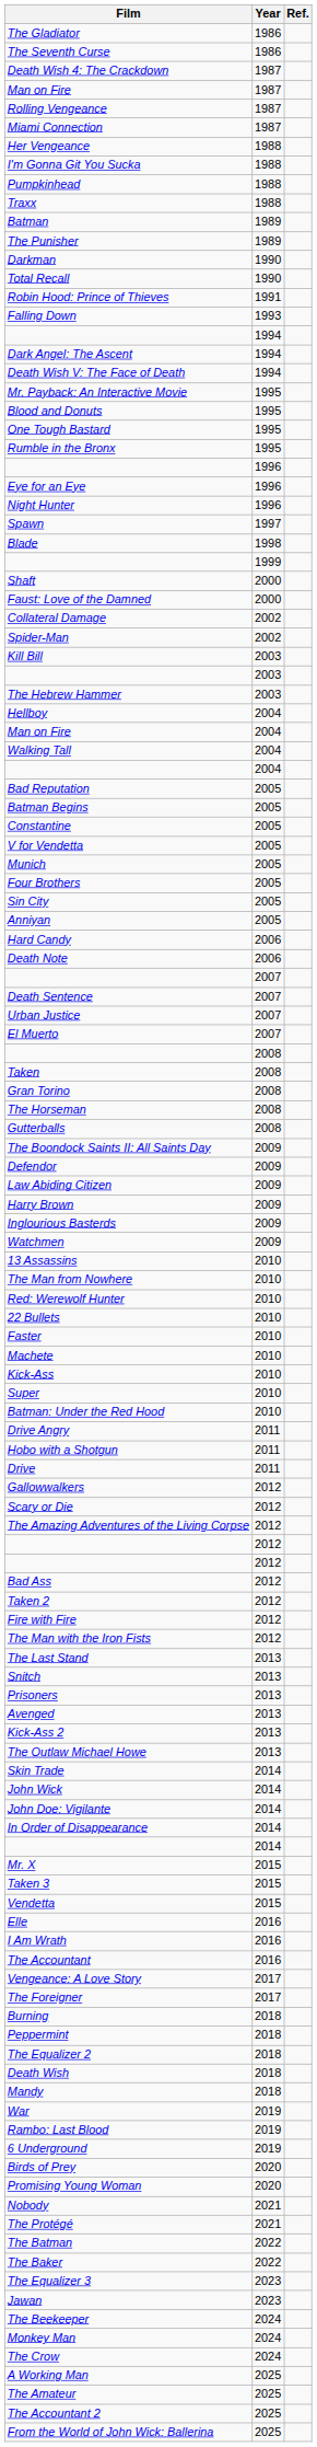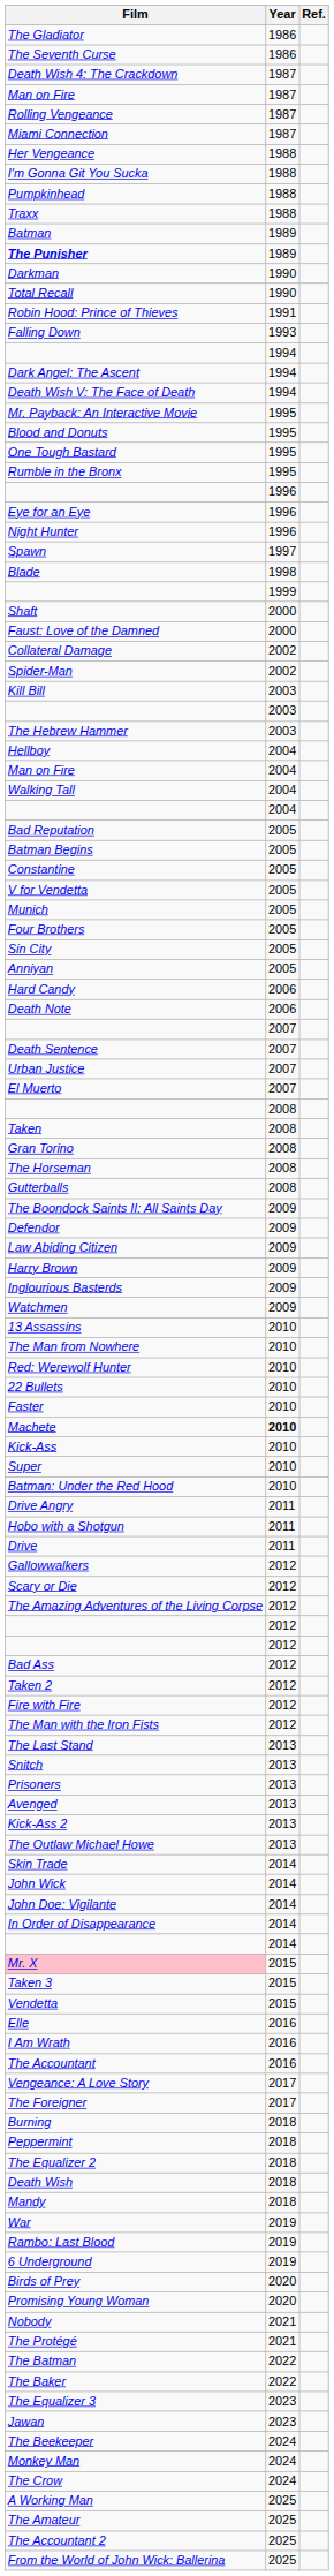 <table class="wikitable sortable" border="1" >
 <tr>
 <th scope="col">Film</th>
 <th scope="col">Year</th>
 <th scope="col" class="unsortable" style=white-space:nowrap>Ref.</th>
 </tr>
 <tr>
 <td><em><a href='#'>The Gladiator</a></em></td>
 <td>1986</td>
 <td></td>
 </tr>
 <tr>
 <td><em><a href='#'>The Seventh Curse</a></em></td>
 <td>1986</td>
 <td></td>
 </tr>
 <tr>
 <td><em><a href='#'>Death Wish 4: The Crackdown</a></em></td>
 <td>1987</td>
 <td></td>
 </tr>
 <tr>
 <td><em><a href='#'>Man on Fire</a></em></td>
 <td>1987</td>
 <td></td>
 </tr>
 <tr>
 <td><em><a href='#'>Rolling Vengeance</a></em></td>
 <td>1987</td>
 <td></td>
 </tr>
 <tr>
 <td><em><a href='#'>Miami Connection</a></em></td>
 <td>1987</td>
 <td></td>
 </tr>
 <tr>
 <td><em><a href='#'>Her Vengeance</a></em></td>
 <td>1988</td>
 <td></td>
 </tr>
 <tr>
 <td><em><a href='#'>I'm Gonna Git You Sucka</a></em></td>
 <td>1988</td>
 <td></td>
 </tr>
 <tr>
 <td><em><a href='#'>Pumpkinhead</a></em></td>
 <td>1988</td>
 <td></td>
 </tr>
 <tr>
 <td><em><a href='#'>Traxx</a></em></td>
 <td>1988</td>
 <td></td>
 </tr>
 <tr>
 <td><em><a href='#'>Batman</a></em></td>
 <td>1989</td>
 <td></td>
 </tr>
 <tr>
-<td><em><a href='#'>The Punisher</a></em></td>
+<td><strong><em><a href='#'>The Punisher</a></em></strong></td>
 <td>1989</td>
 <td></td>
 </tr>
 <tr>
 <td><em><a href='#'>Darkman</a></em></td>
 <td>1990</td>
 <td></td>
 </tr>
 <tr>
 <td><em><a href='#'>Total Recall</a></em></td>
 <td>1990</td>
 <td></td>
 </tr>
 <tr>
 <td><em><a href='#'>Robin Hood: Prince of Thieves</a></em></td>
 <td>1991</td>
 <td></td>
 </tr>
 <tr>
 <td><em><a href='#'>Falling Down</a></em></td>
 <td>1993</td>
 <td></td>
 </tr>
 <tr>
 <td><em></em></td>
 <td>1994</td>
 <td></td>
 </tr>
 <tr>
 <td><em><a href='#'>Dark Angel: The Ascent</a></em></td>
 <td>1994</td>
 <td></td>
 </tr>
 <tr>
 <td><em><a href='#'>Death Wish V: The Face of Death</a></em></td>
 <td>1994</td>
 <td></td>
 </tr>
 <tr>
 <td><em><a href='#'>Mr. Payback: An Interactive Movie</a></em></td>
 <td>1995</td>
 <td></td>
 </tr>
 <tr>
 <td><em><a href='#'>Blood and Donuts</a></em></td>
 <td>1995</td>
 <td></td>
 </tr>
 <tr>
 <td><em><a href='#'>One Tough Bastard</a></em></td>
 <td>1995</td>
 <td></td>
 </tr>
 <tr>
 <td><em><a href='#'>Rumble in the Bronx</a></em></td>
 <td>1995</td>
 <td></td>
 </tr>
 <tr>
 <td><em></em></td>
 <td>1996</td>
 <td></td>
 </tr>
 <tr>
 <td><em><a href='#'>Eye for an Eye</a></em></td>
 <td>1996</td>
 <td></td>
 </tr>
 <tr>
 <td><em><a href='#'>Night Hunter</a></em></td>
 <td>1996</td>
 <td></td>
 </tr>
 <tr>
 <td><em><a href='#'>Spawn</a></em></td>
 <td>1997</td>
 <td></td>
 </tr>
 <tr>
 <td><em><a href='#'>Blade</a></em></td>
 <td>1998</td>
 <td></td>
 </tr>
 <tr>
 <td><em></em></td>
 <td>1999</td>
 <td></td>
 </tr>
 <tr>
 <td><em><a href='#'>Shaft</a></em></td>
 <td>2000</td>
 <td></td>
 </tr>
 <tr>
 <td><em><a href='#'>Faust: Love of the Damned</a></em></td>
 <td>2000</td>
 <td></td>
 </tr>
 <tr>
 <td><em><a href='#'>Collateral Damage</a></em></td>
 <td>2002</td>
 <td></td>
 </tr>
 <tr>
 <td><em><a href='#'>Spider-Man</a></em></td>
 <td>2002</td>
 <td></td>
 </tr>
 <tr>
 <td><em><a href='#'>Kill Bill</a></em></td>
 <td>2003</td>
 <td></td>
 </tr>
 <tr>
 <td><em></em></td>
 <td>2003</td>
 <td></td>
 </tr>
 <tr>
 <td><em><a href='#'>The Hebrew Hammer</a></em></td>
 <td>2003</td>
 <td></td>
 </tr>
 <tr>
 <td><em><a href='#'>Hellboy</a></em></td>
 <td>2004</td>
 <td></td>
 </tr>
 <tr>
 <td><em><a href='#'>Man on Fire</a></em></td>
 <td>2004</td>
 <td></td>
 </tr>
 <tr>
 <td><em><a href='#'>Walking Tall</a></em></td>
 <td>2004</td>
 <td></td>
 </tr>
 <tr>
 <td><em></em></td>
 <td>2004</td>
 <td></td>
 </tr>
 <tr>
 <td><em><a href='#'>Bad Reputation</a></em></td>
 <td>2005</td>
 <td></td>
 </tr>
 <tr>
 <td><em><a href='#'>Batman Begins</a></em></td>
 <td>2005</td>
 <td></td>
 </tr>
 <tr>
 <td><em><a href='#'>Constantine</a></em></td>
 <td>2005</td>
 <td></td>
 </tr>
 <tr>
 <td><em><a href='#'>V for Vendetta</a></em></td>
 <td>2005</td>
 <td></td>
 </tr>
 <tr>
 <td><em><a href='#'>Munich</a></em></td>
 <td>2005</td>
 <td></td>
 </tr>
 <tr>
 <td><em><a href='#'>Four Brothers</a></em></td>
 <td>2005</td>
 <td></td>
 </tr>
 <tr>
 <td><em><a href='#'>Sin City</a></em></td>
 <td>2005</td>
 <td></td>
 </tr>
 <tr>
 <td><em><a href='#'>Anniyan</a></em></td>
 <td>2005</td>
 <td></td>
 </tr>
 <tr>
 <td><em><a href='#'>Hard Candy</a></em></td>
 <td>2006</td>
 <td></td>
 </tr>
 <tr>
 <td><em><a href='#'>Death Note</a></em></td>
 <td>2006</td>
 <td></td>
 </tr>
 <tr>
 <td><em></em></td>
 <td>2007</td>
 <td></td>
 </tr>
 <tr>
 <td><em><a href='#'>Death Sentence</a></em></td>
 <td>2007</td>
 <td></td>
 </tr>
 <tr>
 <td><em><a href='#'>Urban Justice</a></em></td>
 <td>2007</td>
 <td></td>
 </tr>
 <tr>
 <td><em><a href='#'>El Muerto</a></em></td>
 <td>2007</td>
 <td></td>
 </tr>
 <tr>
 <td><em></em></td>
 <td>2008</td>
 <td></td>
 </tr>
 <tr>
 <td><em><a href='#'>Taken</a></em></td>
 <td>2008</td>
 <td></td>
 </tr>
 <tr>
 <td><em><a href='#'>Gran Torino</a></em></td>
 <td>2008</td>
 <td></td>
 </tr>
 <tr>
 <td><em><a href='#'>The Horseman</a></em></td>
 <td>2008</td>
 <td></td>
 </tr>
 <tr>
 <td><em><a href='#'>Gutterballs</a></em></td>
 <td>2008</td>
 <td></td>
 </tr>
 <tr>
 <td><em><a href='#'>The Boondock Saints II: All Saints Day</a></em></td>
 <td>2009</td>
 <td></td>
 </tr>
 <tr>
 <td><em><a href='#'>Defendor</a></em></td>
 <td>2009</td>
 <td></td>
 </tr>
 <tr>
 <td><em><a href='#'>Law Abiding Citizen</a></em></td>
 <td>2009</td>
 <td></td>
 </tr>
 <tr>
 <td><em><a href='#'>Harry Brown</a></em></td>
 <td>2009</td>
 <td></td>
 </tr>
 <tr>
 <td><em><a href='#'>Inglourious Basterds</a></em></td>
 <td>2009</td>
 <td></td>
 </tr>
 <tr>
 <td><em><a href='#'>Watchmen</a></em></td>
 <td>2009</td>
 <td></td>
 </tr>
 <tr>
 <td><em><a href='#'>13 Assassins</a></em></td>
 <td>2010</td>
 <td></td>
 </tr>
 <tr>
 <td><em><a href='#'>The Man from Nowhere</a></em></td>
 <td>2010</td>
 <td></td>
 </tr>
 <tr>
 <td><em><a href='#'>Red: Werewolf Hunter</a></em></td>
 <td>2010</td>
 <td></td>
 </tr>
 <tr>
 <td><em><a href='#'>22 Bullets</a></em></td>
 <td>2010</td>
 <td></td>
 </tr>
 <tr>
 <td><em><a href='#'>Faster</a></em></td>
 <td>2010</td>
 <td></td>
 </tr>
 <tr>
 <td><em><a href='#'>Machete</a></em></td>
-<td>2010</td>
+<td><strong>2010</strong></td>
 <td></td>
 </tr>
 <tr>
 <td><em><a href='#'>Kick-Ass</a></em></td>
 <td>2010</td>
 <td></td>
 </tr>
 <tr>
 <td><em><a href='#'>Super</a></em></td>
 <td>2010</td>
 <td></td>
 </tr>
 <tr>
 <td><em><a href='#'>Batman: Under the Red Hood</a></em></td>
 <td>2010</td>
 <td></td>
 </tr>
 <tr>
 <td><em><a href='#'>Drive Angry</a></em></td>
 <td>2011</td>
 <td></td>
 </tr>
 <tr>
 <td><em><a href='#'>Hobo with a Shotgun</a></em></td>
 <td>2011</td>
 <td></td>
 </tr>
 <tr>
 <td><em><a href='#'>Drive</a></em></td>
 <td>2011</td>
 <td></td>
 </tr>
 <tr>
 <td><em><a href='#'>Gallowwalkers</a></em></td>
 <td>2012</td>
 <td></td>
 </tr>
 <tr>
 <td><em><a href='#'>Scary or Die</a></em></td>
 <td>2012</td>
 <td></td>
 </tr>
 <tr>
 <td><em><a href='#'>The Amazing Adventures of the Living Corpse</a></em></td>
 <td>2012</td>
 <td></td>
 </tr>
 <tr>
 <td><em></em></td>
 <td>2012</td>
 <td></td>
 </tr>
 <tr>
 <td><em></em></td>
 <td>2012</td>
 <td></td>
 </tr>
 <tr>
 <td><em><a href='#'>Bad Ass</a></em></td>
 <td>2012</td>
 <td></td>
 </tr>
 <tr>
 <td><em><a href='#'>Taken 2</a></em></td>
 <td>2012</td>
 <td></td>
 </tr>
 <tr>
 <td><em><a href='#'>Fire with Fire</a></em></td>
 <td>2012</td>
 <td></td>
 </tr>
 <tr>
 <td><em><a href='#'>The Man with the Iron Fists</a></em></td>
 <td>2012</td>
 <td></td>
 </tr>
 <tr>
 <td><em><a href='#'>The Last Stand</a></em></td>
 <td>2013</td>
 <td></td>
 </tr>
 <tr>
 <td><em><a href='#'>Snitch</a></em></td>
 <td>2013</td>
 <td></td>
 </tr>
 <tr>
 <td><em><a href='#'>Prisoners</a></em></td>
 <td>2013</td>
 <td></td>
 </tr>
 <tr>
 <td><em><a href='#'>Avenged</a></em></td>
 <td>2013</td>
 <td></td>
 </tr>
 <tr>
 <td><em><a href='#'>Kick-Ass 2</a></em></td>
 <td>2013</td>
 <td></td>
 </tr>
 <tr>
 <td><em><a href='#'>The Outlaw Michael Howe</a></em></td>
 <td>2013</td>
 <td></td>
 </tr>
 <tr>
 <td><em><a href='#'>Skin Trade</a></em></td>
 <td>2014</td>
 <td></td>
 </tr>
 <tr>
 <td><em><a href='#'>John Wick</a></em></td>
 <td>2014</td>
 <td></td>
 </tr>
 <tr>
 <td><em><a href='#'>John Doe: Vigilante</a></em></td>
 <td>2014</td>
 <td></td>
 </tr>
 <tr>
 <td><em><a href='#'>In Order of Disappearance</a></em></td>
 <td>2014</td>
 <td></td>
 </tr>
 <tr>
 <td><em></em></td>
 <td>2014</td>
 <td></td>
 </tr>
 <tr>
-<td><em><a href='#'>Mr. X</a></em></td>
+<td style="background: pink;"><em><a href='#'>Mr. X</a></em></td>
 <td>2015</td>
 <td></td>
 </tr>
 <tr>
 <td><em><a href='#'>Taken 3</a></em></td>
 <td>2015</td>
 <td></td>
 </tr>
 <tr>
 <td><em><a href='#'>Vendetta</a></em></td>
 <td>2015</td>
 <td></td>
 </tr>
 <tr>
 <td><em><a href='#'>Elle</a></em></td>
 <td>2016</td>
 <td></td>
 </tr>
 <tr>
 <td><em><a href='#'>I Am Wrath</a></em></td>
 <td>2016</td>
 <td></td>
 </tr>
 <tr>
 <td><em><a href='#'>The Accountant</a></em></td>
 <td>2016</td>
 <td></td>
 </tr>
 <tr>
 <td><em><a href='#'>Vengeance: A Love Story</a></em></td>
 <td>2017</td>
 <td></td>
 </tr>
 <tr>
 <td><em><a href='#'>The Foreigner</a></em></td>
 <td>2017</td>
 <td></td>
 </tr>
 <tr>
 <td><em><a href='#'>Burning</a></em></td>
 <td>2018</td>
 <td></td>
 </tr>
 <tr>
 <td><em><a href='#'>Peppermint</a></em></td>
 <td>2018</td>
 <td></td>
 </tr>
 <tr>
 <td><em><a href='#'>The Equalizer 2</a></em></td>
 <td>2018</td>
 <td></td>
 </tr>
 <tr>
 <td><em><a href='#'>Death Wish</a></em></td>
 <td>2018</td>
 <td></td>
 </tr>
 <tr>
 <td><em><a href='#'>Mandy</a></em></td>
 <td>2018</td>
 <td></td>
 </tr>
 <tr>
 <td><em><a href='#'>War</a></em></td>
 <td>2019</td>
 <td></td>
 </tr>
 <tr>
 <td><em><a href='#'>Rambo: Last Blood</a></em></td>
 <td>2019</td>
 <td></td>
 </tr>
 <tr>
 <td><em><a href='#'>6 Underground</a></em></td>
 <td>2019</td>
 <td></td>
 </tr>
 <tr>
 <td><em><a href='#'>Birds of Prey</a></em></td>
 <td>2020</td>
 <td></td>
 </tr>
 <tr>
 <td><em><a href='#'>Promising Young Woman</a></em></td>
 <td>2020</td>
 <td></td>
 </tr>
 <tr>
 <td><em><a href='#'>Nobody</a></em></td>
 <td>2021</td>
 <td></td>
 </tr>
 <tr>
 <td><em><a href='#'>The Protégé</a></em></td>
 <td>2021</td>
 <td></td>
 </tr>
 <tr>
 <td><em><a href='#'>The Batman</a></em></td>
 <td>2022</td>
 <td></td>
 </tr>
 <tr>
 <td><em><a href='#'>The Baker</a></em></td>
 <td>2022</td>
 <td></td>
 </tr>
 <tr>
 <td><em><a href='#'>The Equalizer 3</a></em></td>
 <td>2023</td>
 <td></td>
 </tr>
 <tr>
 <td><em><a href='#'>Jawan</a></em></td>
 <td>2023</td>
 <td></td>
 </tr>
 <tr>
 <td><em><a href='#'>The Beekeeper</a></em></td>
 <td>2024</td>
 <td></td>
 </tr>
 <tr>
 <td><em><a href='#'>Monkey Man</a></em></td>
 <td>2024</td>
 <td></td>
 </tr>
 <tr>
 <td><em><a href='#'>The Crow</a></em></td>
 <td>2024</td>
 <td></td>
 </tr>
 <tr>
 <td><em><a href='#'>A Working Man</a></em></td>
 <td>2025</td>
 <td></td>
 </tr>
 <tr>
 <td><em><a href='#'>The Amateur</a></em></td>
 <td>2025</td>
 <td></td>
 </tr>
 <tr>
 <td><em><a href='#'>The Accountant 2</a></em></td>
 <td>2025</td>
 <td></td>
 </tr>
 <tr>
 <td><em><a href='#'>From the World of John Wick: Ballerina</a></em></td>
 <td>2025</td>
 <td></td>
 </tr>
 </table>
